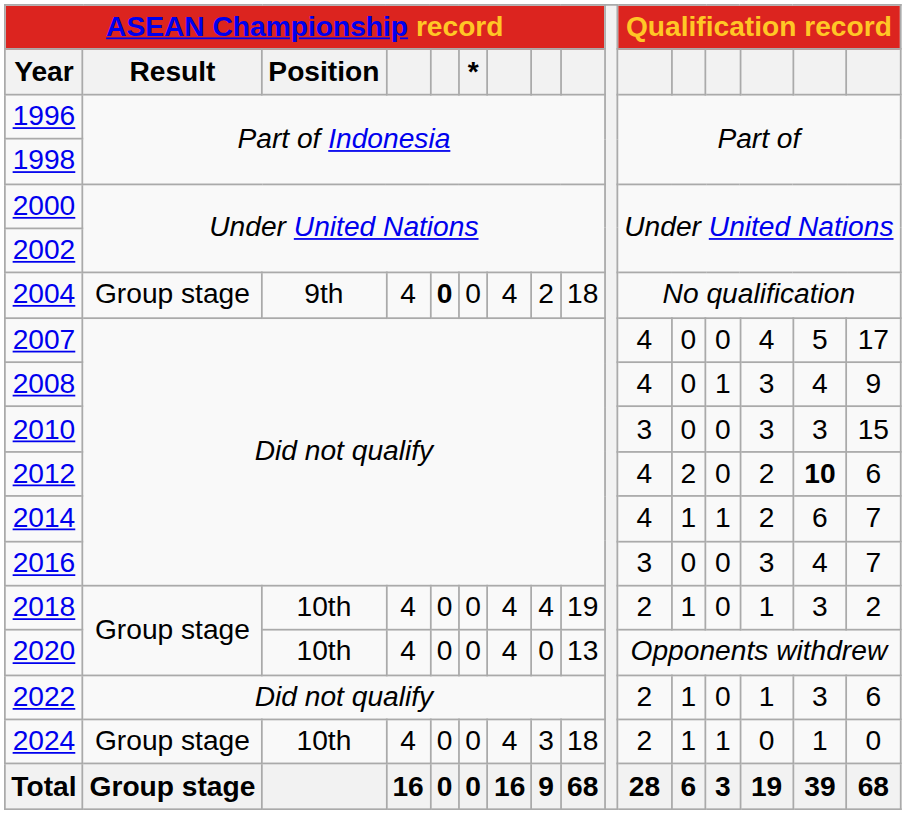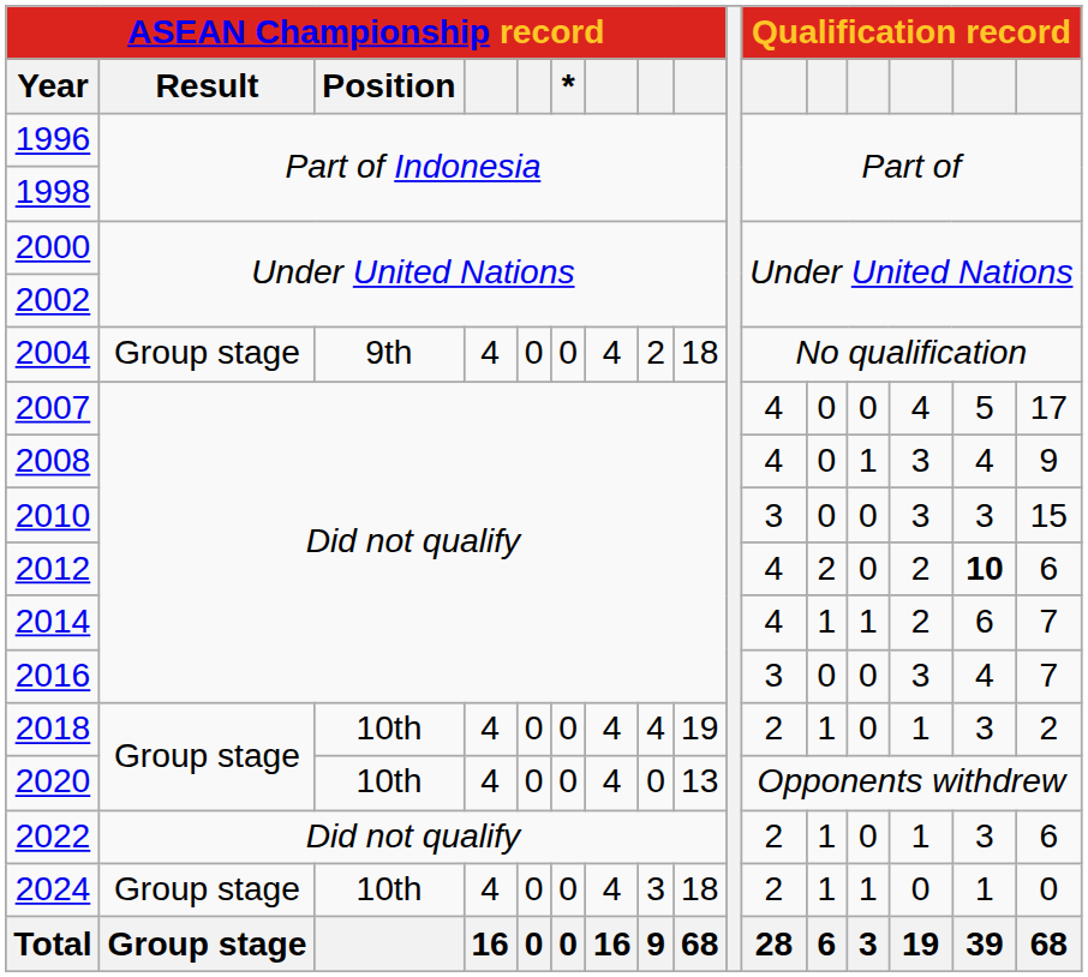 <table class="wikitable" style="text-align: center;">
 <tr>
 <th colspan=9 style="background:#DC241F; color:#FFC726"><a href='#'>ASEAN Championship</a> record</th>
 <th rowspan=39></th>
 <th colspan=6 style="background:#DC241F; color:#FFC726">Qualification record</th>
 </tr>
 <tr>
 <th>Year</th>
 <th>Result</th>
 <th>Position</th>
 <th></th>
 <th></th>
 <th>*</th>
 <th></th>
 <th></th>
 <th></th>
 <th></th>
 <th></th>
 <th></th>
 <th></th>
 <th></th>
 <th></th>
 </tr>
 <tr>
 <td> <a href='#'>1996</a></td>
 <td colspan=8 rowspan=2><em>Part of  <a href='#'>Indonesia</a></em></td>
 <td colspan=7 rowspan=2><em>Part of </em></td>
 </tr>
 <tr>
 <td> <a href='#'>1998</a></td>
 </tr>
 <tr>
 <td> <a href='#'>2000</a></td>
 <td colspan=8 rowspan="2"><em>Under  <a href='#'>United Nations</a></em></td>
 <td colspan=7 rowspan="2"><em>Under  <a href='#'>United Nations</a></em></td>
 </tr>
 <tr>
 <td>  <a href='#'>2002</a></td>
 </tr>
 <tr>
 <td>  <a href='#'>2004</a></td>
 <td>Group stage</td>
 <td>9th</td>
 <td>4</td>
-<td><strong>0</strong></td>
+<td>0</td>
 <td>0</td>
 <td>4</td>
 <td>2</td>
 <td>18</td>
 <td colspan=7><em>No qualification</em></td>
 </tr>
 <tr>
 <td>  <a href='#'>2007</a></td>
 <td colspan=8 rowspan=6><em>Did not qualify</em></td>
 <td>4</td>
 <td>0</td>
 <td>0</td>
 <td>4</td>
 <td>5</td>
 <td>17</td>
 </tr>
 <tr>
 <td>  <a href='#'>2008</a></td>
 <td>4</td>
 <td>0</td>
 <td>1</td>
 <td>3</td>
 <td>4</td>
 <td>9</td>
 </tr>
 <tr>
 <td>  <a href='#'>2010</a></td>
 <td>3</td>
 <td>0</td>
 <td>0</td>
 <td>3</td>
 <td>3</td>
 <td>15</td>
 </tr>
 <tr>
 <td>  <a href='#'>2012</a></td>
 <td>4</td>
 <td>2</td>
 <td>0</td>
 <td>2</td>
 <td><strong>10</strong></td>
 <td>6</td>
 </tr>
 <tr>
 <td>  <a href='#'>2014</a></td>
 <td>4</td>
 <td>1</td>
 <td>1</td>
 <td>2</td>
 <td>6</td>
 <td>7</td>
 </tr>
 <tr>
 <td>  <a href='#'>2016</a></td>
 <td>3</td>
 <td>0</td>
 <td>0</td>
 <td>3</td>
 <td>4</td>
 <td>7</td>
 </tr>
 <tr>
 <td> <a href='#'>2018</a></td>
 <td rowspan=2>Group stage</td>
 <td>10th</td>
 <td>4</td>
 <td>0</td>
 <td>0</td>
 <td>4</td>
 <td>4</td>
 <td>19</td>
 <td>2</td>
 <td>1</td>
 <td>0</td>
 <td>1</td>
 <td>3</td>
 <td>2</td>
 </tr>
 <tr>
 <td> <a href='#'>2020</a></td>
 <td>10th</td>
 <td>4</td>
 <td>0</td>
 <td>0</td>
 <td>4</td>
 <td>0</td>
 <td>13</td>
 <td colspan=7><em>Opponents withdrew</em></td>
 </tr>
 <tr>
 <td> <a href='#'>2022</a></td>
 <td colspan=8><em>Did not qualify</em></td>
 <td>2</td>
 <td>1</td>
 <td>0</td>
 <td>1</td>
 <td>3</td>
 <td>6</td>
 </tr>
 <tr>
 <td> <a href='#'>2024</a></td>
 <td>Group stage</td>
 <td>10th</td>
 <td>4</td>
 <td>0</td>
 <td>0</td>
 <td>4</td>
 <td>3</td>
 <td>18</td>
 <td>2</td>
 <td>1</td>
 <td>1</td>
 <td>0</td>
 <td>1</td>
 <td>0</td>
 </tr>
 <tr>
 <th><strong>Total</strong></th>
 <th><strong>Group stage</strong></th>
 <th></th>
 <th>16</th>
 <th>0</th>
 <th>0</th>
 <th>16</th>
 <th>9</th>
 <th>68</th>
 <th>28</th>
 <th>6</th>
 <th>3</th>
 <th>19</th>
 <th>39</th>
 <th>68</th>
 </tr>
 </table>
